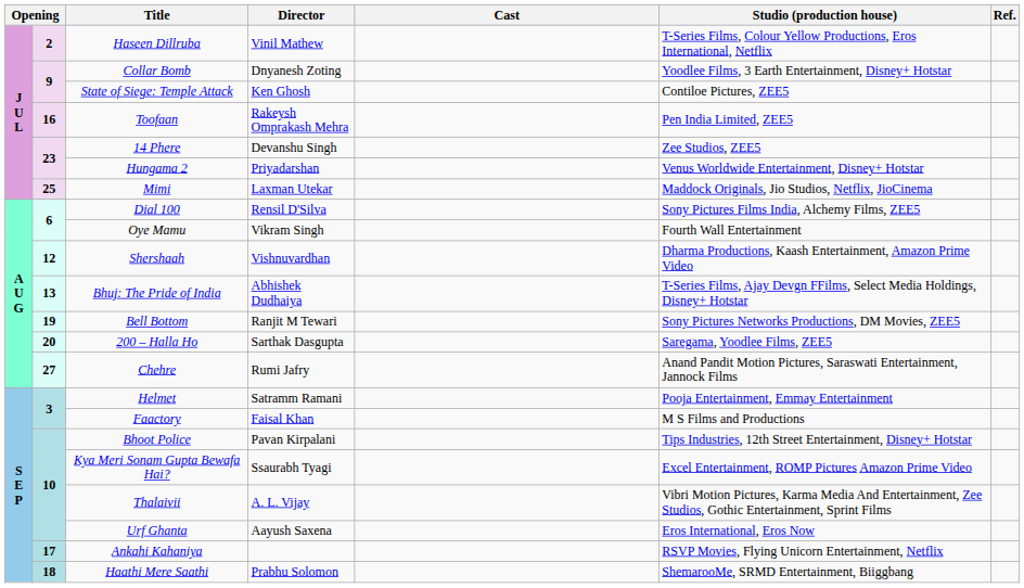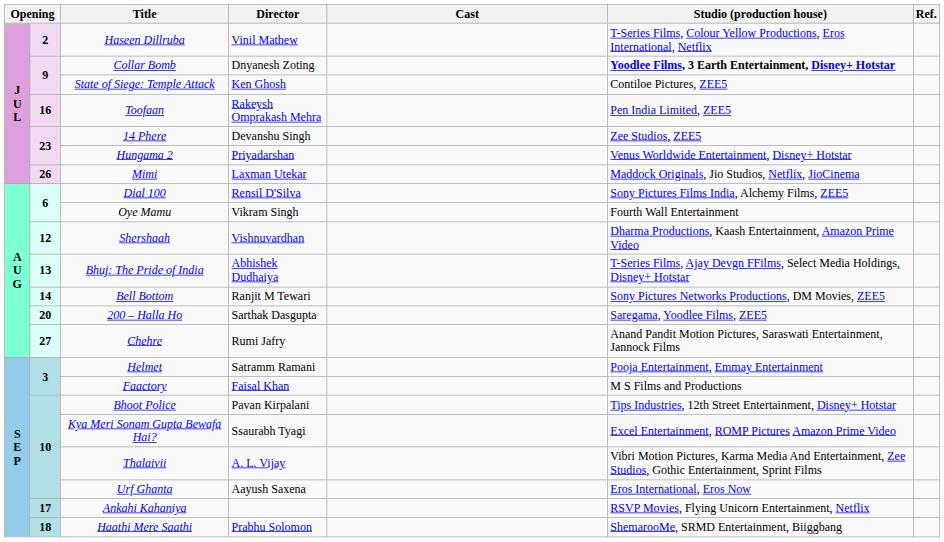 <table class="wikitable">
 <tr style="background:#b0e0e6; text-align:center;">
 <th colspan="2" style="width:6%;"><strong>Opening</strong></th>
 <th style="width:18%;"><strong>Title</strong></th>
 <th style="width:10.5%;"><strong>Director</strong></th>
 <th style="width:30%;"><strong>Cast</strong></th>
 <th>Studio (production house)</th>
 <th>Ref.</th>
 </tr>
 <tr July>
 <td rowspan="7" style="text-align:center; background:plum; textcolor:#000;"><strong>J<br>U<br>L</strong></td>
 <td style="text-align:center;background:#f1daf1;"><strong>2</strong></td>
 <td style="text-align:center;"><em><a href='#'>Haseen Dillruba</a></em></td>
 <td><a href='#'>Vinil Mathew</a></td>
 <td></td>
 <td><a href='#'>T-Series Films</a>, <a href='#'>Colour Yellow Productions</a>, <a href='#'>Eros International</a>, <a href='#'>Netflix</a></td>
 <td></td>
 </tr>
 <tr>
 <td rowspan="2" style="text-align:center;background:#f1daf1;"><strong>9</strong></td>
 <td style="text-align:center;"><em><a href='#'>Collar Bomb</a></em></td>
 <td>Dnyanesh Zoting</td>
 <td></td>
-<td><a href='#'>Yoodlee Films</a>, 3 Earth Entertainment, <a href='#'>Disney+ Hotstar</a></td>
+<td><strong><a href='#'>Yoodlee Films</a>, 3 Earth Entertainment, <a href='#'>Disney+ Hotstar</a></strong></td>
 <td></td>
 </tr>
 <tr>
 <td style="text-align:center;"><em><a href='#'>State of Siege: Temple Attack</a></em></td>
 <td><a href='#'>Ken Ghosh</a></td>
 <td></td>
 <td>Contiloe Pictures, <a href='#'>ZEE5</a></td>
 <td></td>
 </tr>
 <tr>
 <td style="text-align:center;background:#f1daf1;"><strong>16</strong></td>
 <td style="text-align:center;"><em><a href='#'>Toofaan</a></em></td>
 <td><a href='#'>Rakeysh Omprakash Mehra</a></td>
 <td></td>
 <td><a href='#'>Pen India Limited</a>, <a href='#'>ZEE5</a></td>
 <td></td>
 </tr>
 <tr>
 <td rowspan="2" style="text-align:center;background:#f1daf1;"><strong>23</strong></td>
 <td style="text-align:center;"><em><a href='#'>14 Phere</a></em></td>
 <td>Devanshu Singh</td>
 <td></td>
 <td><a href='#'>Zee Studios</a>, <a href='#'>ZEE5</a></td>
 <td></td>
 </tr>
 <tr>
 <td style="text-align:center;"><em><a href='#'>Hungama 2</a></em></td>
 <td><a href='#'>Priyadarshan</a></td>
 <td></td>
 <td><a href='#'>Venus Worldwide Entertainment</a>, <a href='#'>Disney+ Hotstar</a></td>
 <td></td>
 </tr>
 <tr>
-<td style="text-align:center;background:#f1daf1;"><strong>25</strong></td>
+<td style="text-align:center;background:#f1daf1;"><strong>26</strong></td>
 <td style="text-align:center;"><em><a href='#'>Mimi</a></em></td>
 <td><a href='#'>Laxman Utekar</a></td>
 <td></td>
 <td><a href='#'>Maddock Originals</a>, Jio Studios, <a href='#'>Netflix</a>, <a href='#'>JioCinema</a></td>
 <td></td>
 </tr>
 <tr August>
 <td rowspan="7" style="text-align:center; background:#7FFFD4; textcolor:#000;"><strong>A<br>U<br>G</strong></td>
 <td rowspan="2" style="text-align:center;background:#dbfff8;"><strong>6</strong></td>
 <td style="text-align:center;"><em><a href='#'>Dial 100</a></em></td>
 <td><a href='#'>Rensil D'Silva</a></td>
 <td></td>
 <td><a href='#'>Sony Pictures Films India</a>, Alchemy Films, <a href='#'>ZEE5</a></td>
 <td></td>
 </tr>
 <tr>
 <td style="text-align:center;"><em>Oye Mamu</em></td>
 <td>Vikram Singh</td>
 <td></td>
 <td>Fourth Wall Entertainment</td>
 <td></td>
 </tr>
 <tr>
 <td style="text-align:center;background:#dbfff8;"><strong>12</strong></td>
 <td style="text-align:center;"><em><a href='#'>Shershaah</a></em></td>
 <td><a href='#'>Vishnuvardhan</a></td>
 <td></td>
 <td><a href='#'>Dharma Productions</a>, Kaash Entertainment, <a href='#'>Amazon Prime Video</a></td>
 <td></td>
 </tr>
 <tr>
 <td style="text-align:center;background:#dbfff8;"><strong>13</strong></td>
 <td style="text-align:center;"><em><a href='#'>Bhuj: The Pride of India</a></em></td>
 <td><a href='#'>Abhishek Dudhaiya</a></td>
 <td></td>
 <td><a href='#'>T-Series Films</a>, <a href='#'>Ajay Devgn FFilms</a>, Select Media Holdings, <a href='#'>Disney+ Hotstar</a></td>
 <td></td>
 </tr>
 <tr>
-<td style="text-align:center;background:#dbfff8;"><strong>19</strong></td>
+<td style="text-align:center;background:#dbfff8;"><strong>14</strong></td>
 <td style="text-align:center;"><em><a href='#'>Bell Bottom</a></em></td>
 <td>Ranjit M Tewari</td>
 <td></td>
 <td><a href='#'>Sony Pictures Networks Productions</a>, DM Movies, <a href='#'>ZEE5</a></td>
 <td></td>
 </tr>
 <tr>
 <td style="text-align:center;background:#dbfff8;"><strong>20</strong></td>
 <td style="text-align:center;"><em><a href='#'>200 – Halla Ho</a></em></td>
 <td>Sarthak Dasgupta</td>
 <td></td>
 <td><a href='#'>Saregama</a>, <a href='#'>Yoodlee Films</a>, <a href='#'>ZEE5</a></td>
 <td></td>
 </tr>
 <tr>
 <td style="text-align:center;background:#dbfff8;"><strong>27</strong></td>
 <td style="text-align:center;"><em><a href='#'>Chehre</a></em></td>
 <td>Rumi Jafry</td>
 <td></td>
 <td>Anand Pandit Motion Pictures, Saraswati Entertainment, Jannock Films</td>
 <td></td>
 </tr>
 <tr September>
 <td rowspan="8" style="text-align:center; background:#93CCEA; textcolor:#000;"><strong>S<br>E<br>P</strong></td>
 <td rowspan="2" style="text-align:center;background:#B0E0E6;"><strong>3</strong></td>
 <td style="text-align:center;"><em><a href='#'>Helmet</a></em></td>
 <td>Satramm Ramani</td>
 <td></td>
 <td><a href='#'>Pooja Entertainment</a>, <a href='#'>Emmay Entertainment</a></td>
 <td></td>
 </tr>
 <tr>
 <td style="text-align:center;"><em><a href='#'>Faactory</a></em></td>
 <td><a href='#'>Faisal Khan</a></td>
 <td></td>
 <td>M S Films and Productions</td>
 <td></td>
 </tr>
 <tr>
 <td rowspan="4" style="text-align:center;background:#B0E0E6;"><strong>10</strong></td>
 <td style="text-align:center;"><em><a href='#'>Bhoot Police</a></em></td>
 <td>Pavan Kirpalani</td>
 <td></td>
 <td><a href='#'>Tips Industries</a>, 12th Street Entertainment, <a href='#'>Disney+ Hotstar</a></td>
 <td></td>
 </tr>
 <tr>
 <td style="text-align:center;"><em><a href='#'>Kya Meri Sonam Gupta Bewafa Hai?</a></em></td>
 <td>Ssaurabh Tyagi</td>
 <td></td>
 <td><a href='#'>Excel Entertainment</a>, <a href='#'>ROMP Pictures</a> <a href='#'>Amazon Prime Video</a></td>
 <td></td>
 </tr>
 <tr>
 <td style="text-align:center;"><em><a href='#'>Thalaivii</a></em></td>
 <td><a href='#'>A. L. Vijay</a></td>
 <td></td>
 <td>Vibri Motion Pictures, Karma Media And Entertainment, <a href='#'>Zee Studios</a>, Gothic Entertainment, Sprint Films</td>
 <td></td>
 </tr>
 <tr>
 <td style="text-align:center;"><em><a href='#'>Urf Ghanta</a></em></td>
 <td>Aayush Saxena</td>
 <td></td>
 <td><a href='#'>Eros International</a>, <a href='#'>Eros Now</a></td>
 <td></td>
 </tr>
 <tr>
 <td style="text-align:center;background:#B0E0E6;"><strong>17</strong></td>
 <td style="text-align:center;"><em><a href='#'>Ankahi Kahaniya</a></em></td>
 <td></td>
 <td></td>
 <td><a href='#'>RSVP Movies</a>, Flying Unicorn Entertainment, <a href='#'>Netflix</a></td>
 <td></td>
 </tr>
 <tr>
 <td style="text-align:center;background:#B0E0E6;"><strong>18</strong></td>
 <td style="text-align:center;"><em><a href='#'>Haathi Mere Saathi</a></em></td>
 <td><a href='#'>Prabhu Solomon</a></td>
 <td></td>
 <td><a href='#'>ShemarooMe</a>, SRMD Entertainment, Biiggbang</td>
 <td></td>
 </tr>
 </table>
